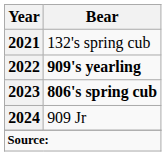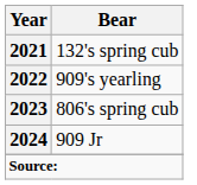 <table class="wikitable">
 <tr>
 <th>Year</th>
 <th>Bear</th>
 </tr>
 <tr>
 <th scope="row">2021</th>
 <td>132's spring cub</td>
 </tr>
 <tr>
 <th scope="row">2022</th>
-<td><strong>909's yearling</strong></td>
+<td>909's yearling</td>
 </tr>
 <tr>
 <th scope="row">2023</th>
-<td><strong>806's spring cub</strong></td>
+<td>806's spring cub</td>
 </tr>
 <tr>
 <th scope="row">2024</th>
 <td>909 Jr</td>
 </tr>
 <tr>
 </tr>
 <tr style="font-size: 0.8em;">
 <td colspan="2"><strong>Source:</strong> </td>
 </tr>
 </table>
